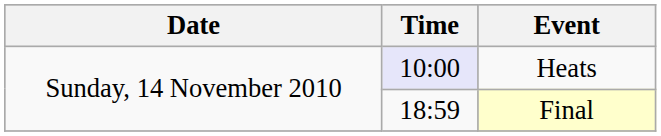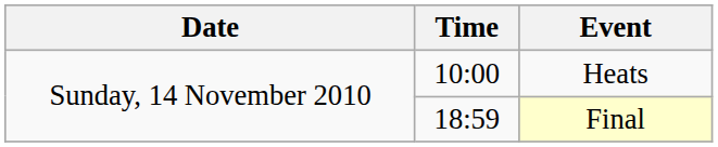 <table class = "wikitable" style="text-align:center;">
 <tr>
 <th width=220>Date</th>
 <th width=50>Time</th>
 <th width=100>Event</th>
 </tr>
 <tr>
 <td rowspan=2>Sunday, 14 November 2010</td>
-<td style="background: lavender;">10:00</td>
+<td>10:00</td>
 <td>Heats</td>
 </tr>
 <tr>
 <td>18:59</td>
 <td bgcolor=ffffcc>Final</td>
 </tr>
 </table>
